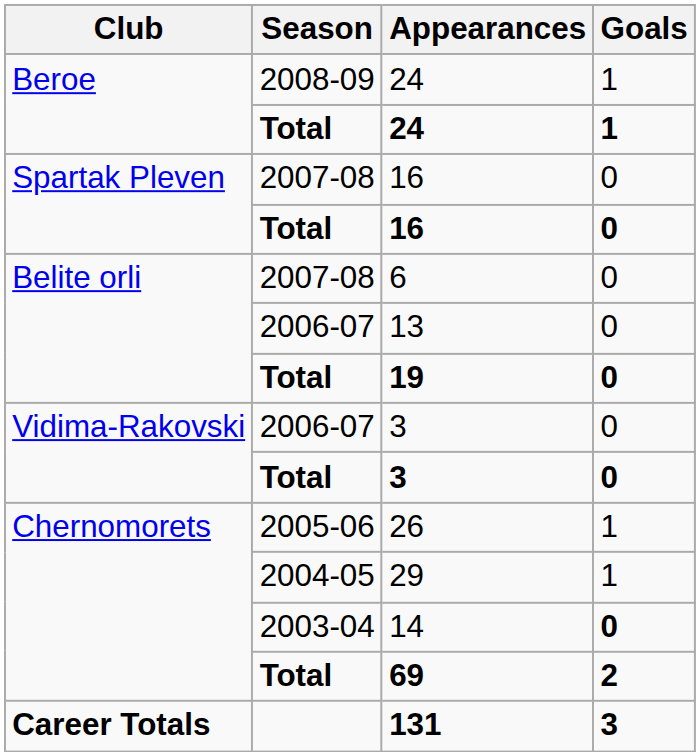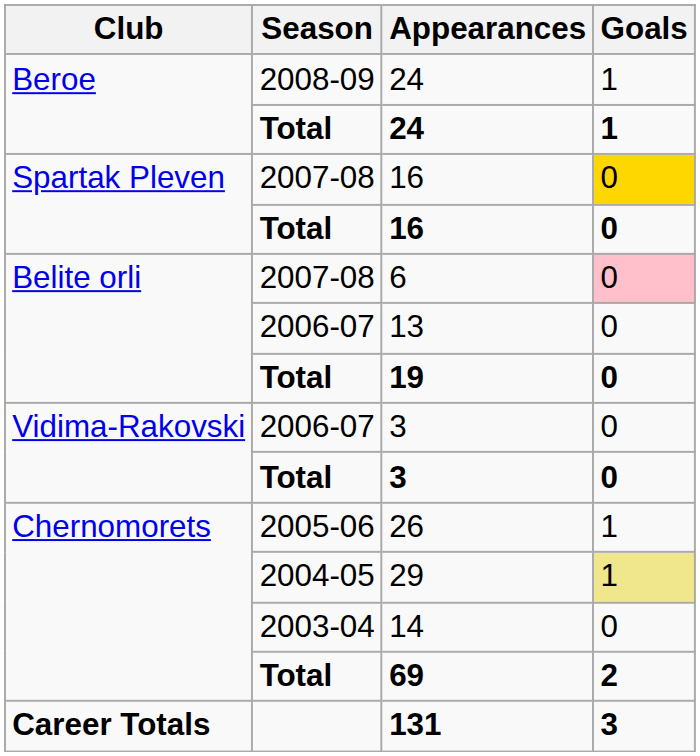 <table class="wikitable">
 <tr>
 <th rowspan="1">Club</th>
 <th rowspan="1">Season</th>
 <th rowspan="1">Appearances</th>
 <th rowspan="1">Goals</th>
 </tr>
 <tr>
 <td rowspan="2" valign=top><a href='#'>Beroe</a></td>
 <td>2008-09</td>
 <td>24</td>
 <td>1</td>
 </tr>
 <tr>
 <td><strong>Total</strong></td>
 <td><strong>24</strong></td>
 <td><strong>1</strong></td>
 </tr>
 <tr>
 <td rowspan="2" valign=top><a href='#'>Spartak Pleven</a></td>
 <td>2007-08</td>
 <td>16</td>
-<td>0</td>
+<td style="background: gold;">0</td>
 </tr>
 <tr>
 <td><strong>Total</strong></td>
 <td><strong>16</strong></td>
 <td><strong>0</strong></td>
 </tr>
 <tr>
 <td rowspan="3" valign=top><a href='#'>Belite orli</a></td>
 <td>2007-08</td>
 <td>6</td>
-<td>0</td>
+<td style="background: pink;">0</td>
 </tr>
 <tr>
 <td>2006-07</td>
 <td>13</td>
 <td>0</td>
 </tr>
 <tr>
 <td><strong>Total</strong></td>
 <td><strong>19</strong></td>
 <td><strong>0</strong></td>
 </tr>
 <tr>
 <td rowspan="2" valign=top><a href='#'>Vidima-Rakovski</a></td>
 <td>2006-07</td>
 <td>3</td>
 <td>0</td>
 </tr>
 <tr>
 <td><strong>Total</strong></td>
 <td><strong>3</strong></td>
 <td><strong>0</strong></td>
 </tr>
 <tr>
 <td rowspan="4" valign=top><a href='#'>Chernomorets</a></td>
 <td>2005-06</td>
 <td>26</td>
 <td>1</td>
 </tr>
 <tr>
 <td>2004-05</td>
 <td>29</td>
-<td>1</td>
+<td style="background: khaki;">1</td>
 </tr>
 <tr>
 <td>2003-04</td>
 <td>14</td>
-<td><strong>0</strong></td>
+<td>0</td>
 </tr>
 <tr>
 <td><strong>Total</strong></td>
 <td><strong>69</strong></td>
 <td><strong>2</strong></td>
 </tr>
 <tr>
 <td rowspan="1" valign=top><strong>Career Totals</strong></td>
 <td></td>
 <td><strong>131</strong></td>
 <td><strong>3</strong></td>
 </tr>
 <tr>
 </tr>
 </table>
